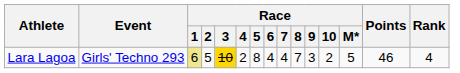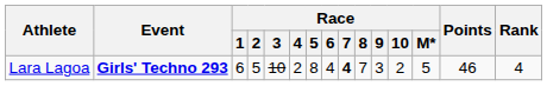 <table class="wikitable" border="1" style="font-size:90%">
 <tr>
 <th rowspan=2>Athlete</th>
 <th rowspan=2>Event</th>
 <th colspan=11>Race</th>
 <th rowspan=2>Points</th>
 <th rowspan=2>Rank</th>
 </tr>
 <tr>
 <th>1</th>
 <th>2</th>
 <th>3</th>
 <th>4</th>
 <th>5</th>
 <th>6</th>
 <th>7</th>
 <th>8</th>
 <th>9</th>
 <th>10</th>
 <th>M*</th>
 </tr>
 <tr>
 <td><a href='#'>Lara Lagoa</a></td>
-<td><a href='#'>Girls' Techno 293</a></td>
-<td align=center style="background: khaki;">6</td>
+<td><strong><a href='#'>Girls' Techno 293</a></strong></td>
+<td align=center>6</td>
 <td align=center>5</td>
-<td align=center style="background: gold;"><s>10</s></td>
+<td align=center><s>10</s></td>
 <td align=center>2</td>
 <td align=center>8</td>
 <td align=center>4</td>
-<td align=center>4</td>
+<td align=center><strong>4</strong></td>
 <td align=center>7</td>
 <td align=center>3</td>
 <td align=center>2</td>
 <td align=center>5</td>
 <td align=center>46</td>
 <td align=center>4</td>
 </tr>
 </table>
